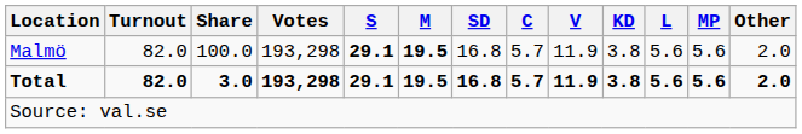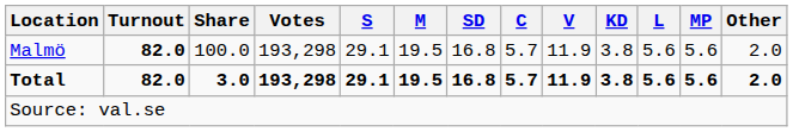 <table class="wikitable sortable" style=text-align:right>
 <tr>
 <th>Location</th>
 <th>Turnout</th>
 <th>Share</th>
 <th>Votes</th>
 <th><a href='#'>S</a></th>
 <th><a href='#'>M</a></th>
 <th><a href='#'>SD</a></th>
 <th><a href='#'>C</a></th>
 <th><a href='#'>V</a></th>
 <th><a href='#'>KD</a></th>
 <th><a href='#'>L</a></th>
 <th><a href='#'>MP</a></th>
 <th>Other</th>
 </tr>
 <tr>
 <td align=left><a href='#'>Malmö</a></td>
-<td>82.0</td>
+<td><strong>82.0</strong></td>
 <td>100.0</td>
 <td>193,298</td>
-<td><strong>29.1</strong></td>
-<td><strong>19.5</strong></td>
+<td>29.1</td>
+<td>19.5</td>
 <td>16.8</td>
 <td>5.7</td>
 <td>11.9</td>
 <td>3.8</td>
 <td>5.6</td>
 <td>5.6</td>
 <td>2.0</td>
 </tr>
 <tr>
 <td align=left><strong>Total</strong></td>
 <td><strong>82.0</strong></td>
 <td><strong>3.0</strong></td>
 <td><strong>193,298</strong></td>
 <td><strong>29.1</strong></td>
 <td><strong>19.5</strong></td>
 <td><strong>16.8</strong></td>
 <td><strong>5.7</strong></td>
 <td><strong>11.9</strong></td>
 <td><strong>3.8</strong></td>
 <td><strong>5.6</strong></td>
 <td><strong>5.6</strong></td>
 <td><strong>2.0</strong></td>
 </tr>
 <tr>
 <td align=left colspan=13>Source: val.se</td>
 </tr>
 </table>
